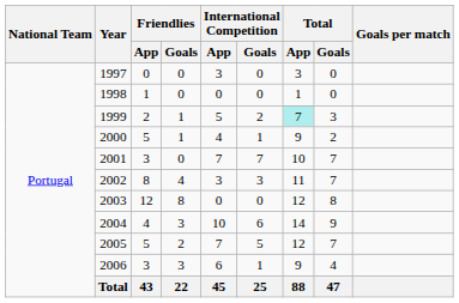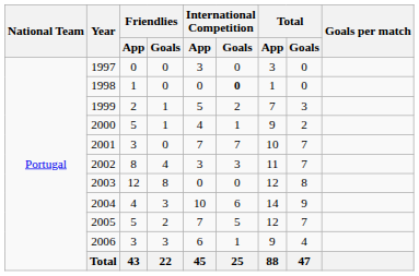 <table class="wikitable" style="text-align: center;">
 <tr>
 <th rowspan="2">National Team</th>
 <th rowspan="2">Year</th>
 <th colspan="2">Friendlies</th>
 <th colspan="2">International<br>Competition</th>
 <th colspan="2">Total</th>
 <th rowspan="2">Goals per match</th>
 </tr>
 <tr>
 <th>App</th>
 <th>Goals</th>
 <th>App</th>
 <th>Goals</th>
 <th>App</th>
 <th>Goals</th>
 </tr>
 <tr>
 <td rowspan="11"><a href='#'>Portugal</a></td>
 <td>1997</td>
 <td>0</td>
 <td>0</td>
 <td>3</td>
 <td>0</td>
 <td>3</td>
 <td>0</td>
 <td></td>
 </tr>
 <tr>
 <td>1998</td>
 <td>1</td>
 <td>0</td>
 <td>0</td>
-<td>0</td>
+<td><strong>0</strong></td>
 <td>1</td>
 <td>0</td>
 <td></td>
 </tr>
 <tr>
 <td>1999</td>
 <td>2</td>
 <td>1</td>
 <td>5</td>
 <td>2</td>
-<td style="background: paleturquoise;">7</td>
+<td>7</td>
 <td>3</td>
 <td></td>
 </tr>
 <tr>
 <td>2000</td>
 <td>5</td>
 <td>1</td>
 <td>4</td>
 <td>1</td>
 <td>9</td>
 <td>2</td>
 <td></td>
 </tr>
 <tr>
 <td>2001</td>
 <td>3</td>
 <td>0</td>
 <td>7</td>
 <td>7</td>
 <td>10</td>
 <td>7</td>
 <td></td>
 </tr>
 <tr>
 <td>2002</td>
 <td>8</td>
 <td>4</td>
 <td>3</td>
 <td>3</td>
 <td>11</td>
 <td>7</td>
 <td></td>
 </tr>
 <tr>
 <td>2003</td>
 <td>12</td>
 <td>8</td>
 <td>0</td>
 <td>0</td>
 <td>12</td>
 <td>8</td>
 <td></td>
 </tr>
 <tr>
 <td>2004</td>
 <td>4</td>
 <td>3</td>
 <td>10</td>
 <td>6</td>
 <td>14</td>
 <td>9</td>
 <td></td>
 </tr>
 <tr>
 <td>2005</td>
 <td>5</td>
 <td>2</td>
 <td>7</td>
 <td>5</td>
 <td>12</td>
 <td>7</td>
 <td></td>
 </tr>
 <tr>
 <td>2006</td>
 <td>3</td>
 <td>3</td>
 <td>6</td>
 <td>1</td>
 <td>9</td>
 <td>4</td>
 <td></td>
 </tr>
 <tr>
 <th>Total</th>
 <th>43</th>
 <th>22</th>
 <th>45</th>
 <th>25</th>
 <th>88</th>
 <th>47</th>
 <th></th>
 </tr>
 </table>
